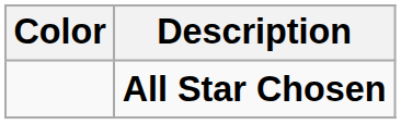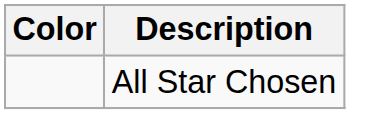 <table class="wikitable">
 <tr>
 <th>Color</th>
 <th>Description</th>
 </tr>
 <tr>
 <td></td>
-<td><strong>All Star Chosen</strong></td>
+<td>All Star Chosen</td>
 </tr>
 <tr>
 </tr>
 </table>
